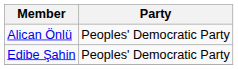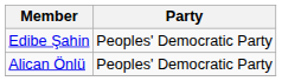 <table class="wikitable">
 <tr>
 <th>Member</th>
 <th>Party</th>
 </tr>
 <tr>
-<td><a href='#'>Alican Önlü</a></td>
+<td><a href='#'>Edibe Şahin</a></td>
 <td style="background:">Peoples' Democratic Party</td>
 </tr>
 <tr>
-<td><a href='#'>Edibe Şahin</a></td>
+<td><a href='#'>Alican Önlü</a></td>
 <td style="background:">Peoples' Democratic Party</td>
 </tr>
 <tr>
 </tr>
 </table>
